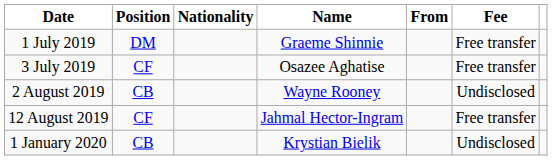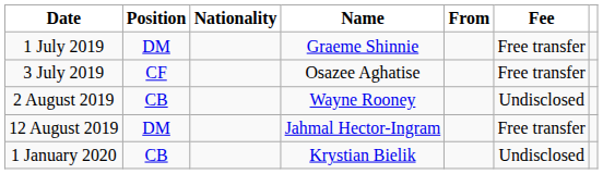 <table class="wikitable" style="text-align:center;">
 <tr>
 <th style="color:#000000; background:#ffffff; ">Date</th>
 <th style="color:#000000; background:#ffffff; ">Position</th>
 <th style="color:#000000; background:#ffffff; ">Nationality</th>
 <th style="color:#000000; background:#ffffff; ">Name</th>
 <th style="color:#000000; background:#ffffff; ">From</th>
 <th style="color:#000000; background:#ffffff; ">Fee</th>
 <th style="color:#000000; background:#ffffff; "></th>
 </tr>
 <tr>
 <td>1 July 2019</td>
 <td><a href='#'>DM</a></td>
 <td></td>
 <td><a href='#'>Graeme Shinnie</a></td>
 <td></td>
 <td>Free transfer</td>
 <td></td>
 </tr>
 <tr>
 <td>3 July 2019</td>
 <td><a href='#'>CF</a></td>
 <td></td>
 <td>Osazee Aghatise</td>
 <td></td>
 <td>Free transfer</td>
 <td></td>
 </tr>
 <tr>
 <td>2 August 2019</td>
 <td><a href='#'>CB</a></td>
 <td></td>
 <td><a href='#'>Wayne Rooney</a></td>
 <td></td>
 <td>Undisclosed</td>
 <td></td>
 </tr>
 <tr>
 <td>12 August 2019</td>
-<td><a href='#'>CF</a></td>
+<td><a href='#'>DM</a></td>
 <td></td>
 <td><a href='#'>Jahmal Hector-Ingram</a></td>
 <td></td>
 <td>Free transfer</td>
 <td></td>
 </tr>
 <tr>
 <td>1 January 2020</td>
 <td><a href='#'>CB</a></td>
 <td></td>
 <td><a href='#'>Krystian Bielik</a></td>
 <td></td>
 <td>Undisclosed</td>
 <td></td>
 </tr>
 </table>
